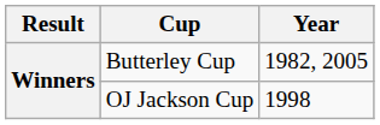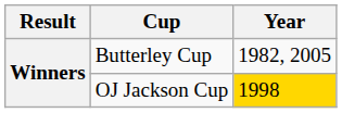 <table class="wikitable" style="font-size:85%">
 <tr>
 <th scope="col">Result</th>
 <th scope="col">Cup</th>
 <th scope="col">Year</th>
 </tr>
 <tr>
 <th scope="row" rowspan=2>Winners</th>
 <td>Butterley Cup</td>
 <td>1982, 2005</td>
 </tr>
 <tr>
 <td>OJ Jackson Cup</td>
-<td>1998</td>
+<td style="background: gold;">1998</td>
 </tr>
 </table>
